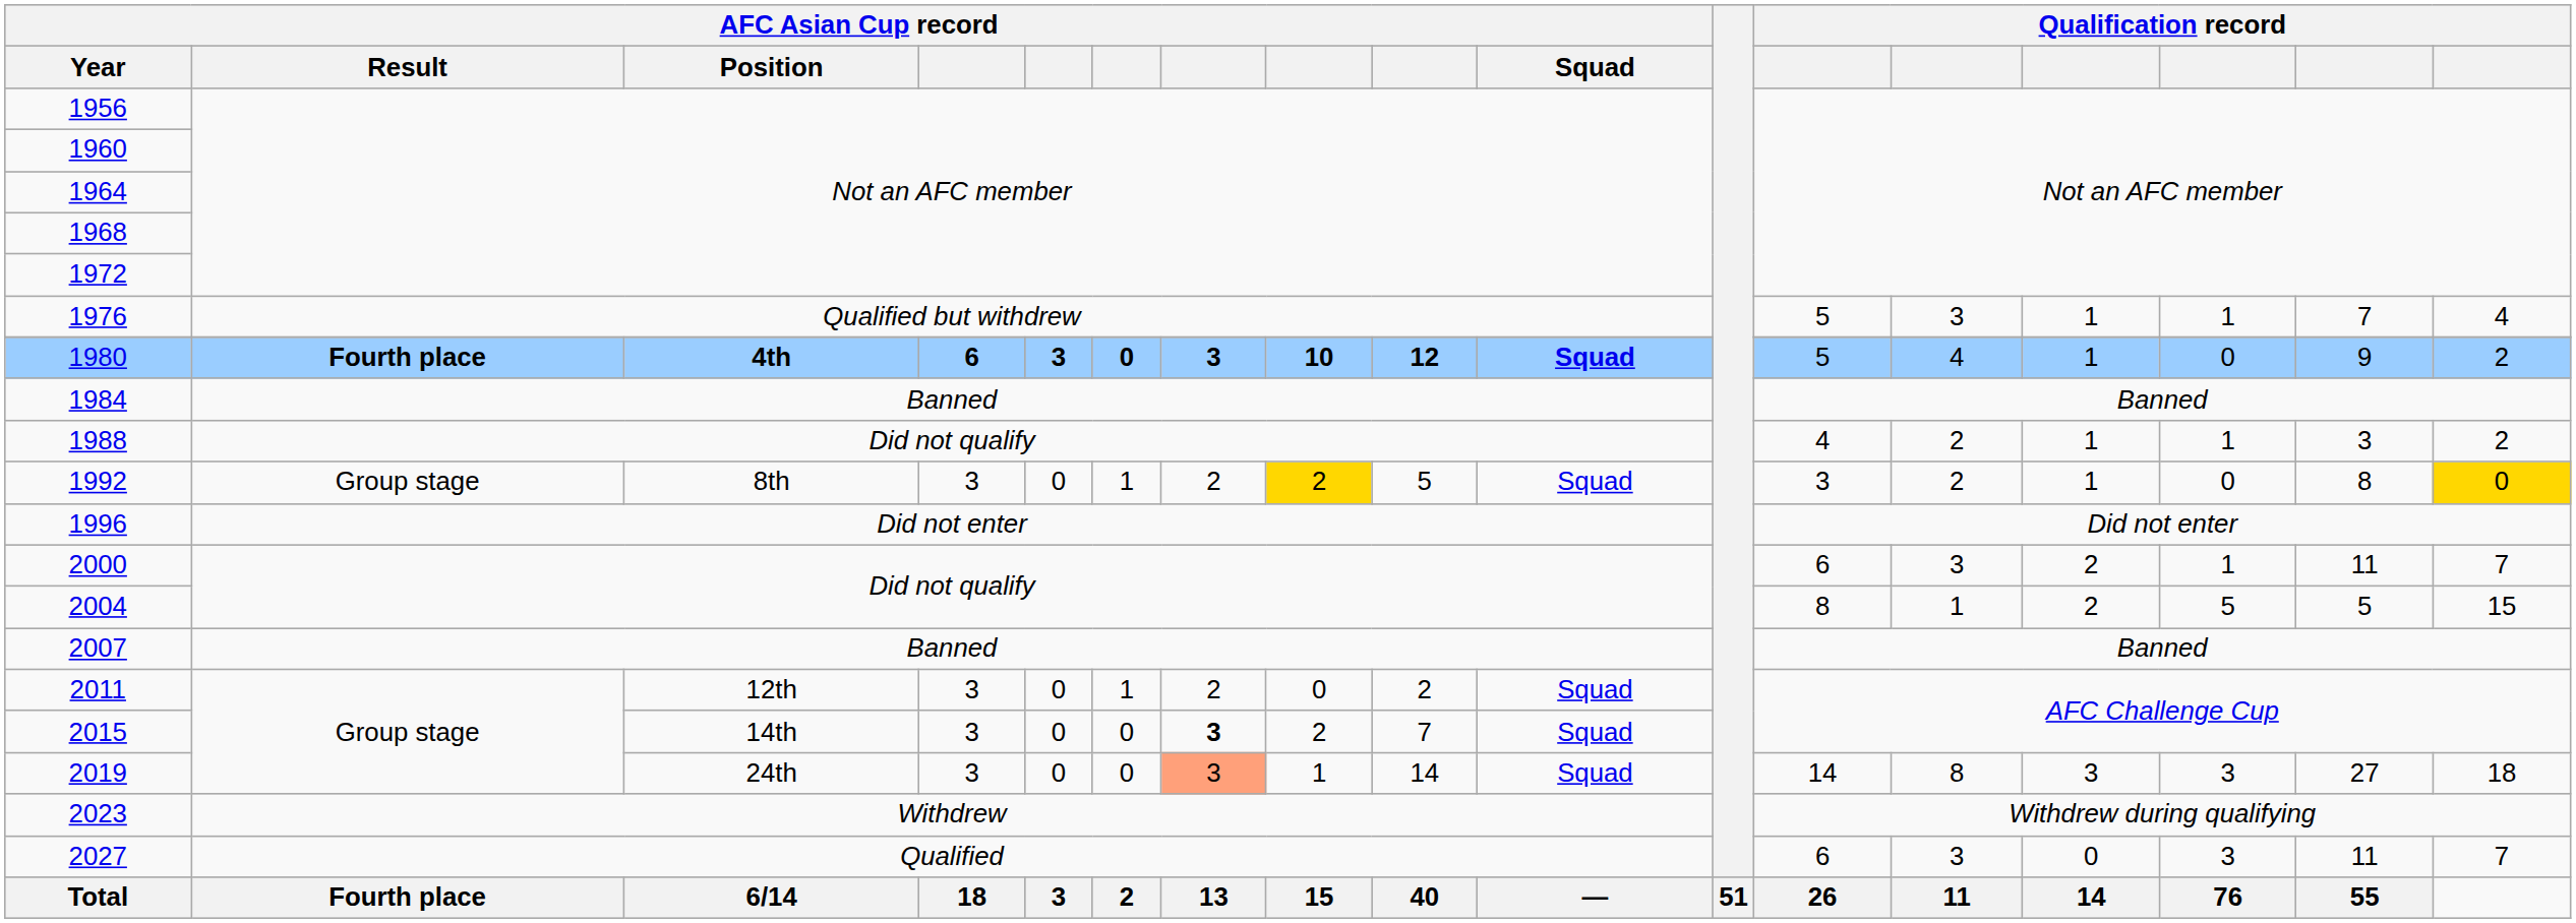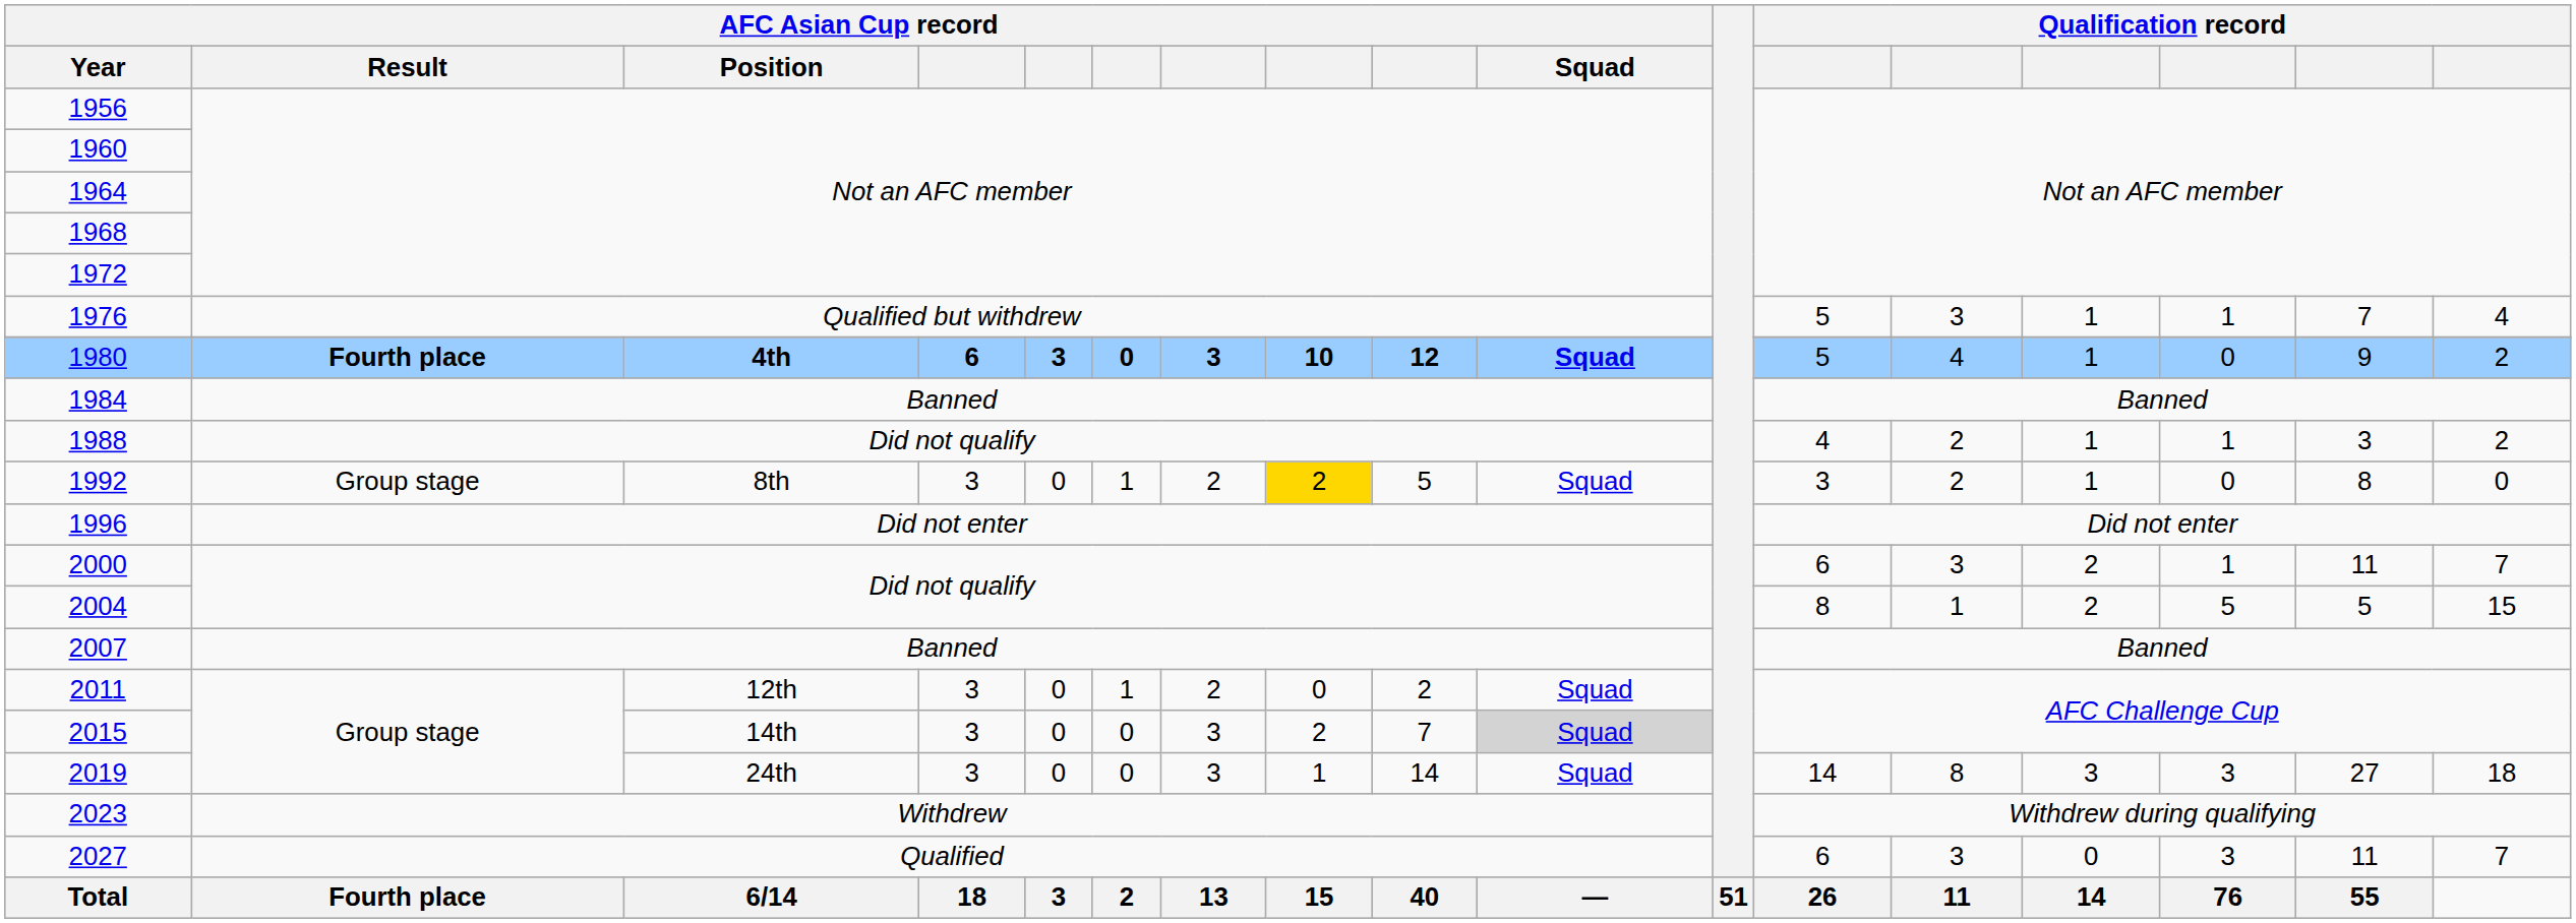 <table class="wikitable" style="text-align: center;">
 <tr>
 <th colspan=10><a href='#'>AFC Asian Cup</a> record</th>
 <th style="width:1%;" rowspan=22></th>
 <th colspan=7><a href='#'>Qualification</a> record</th>
 </tr>
 <tr>
 <th>Year</th>
 <th>Result</th>
 <th>Position</th>
 <th></th>
 <th></th>
 <th></th>
 <th></th>
 <th></th>
 <th></th>
 <th>Squad</th>
 <th></th>
 <th></th>
 <th></th>
 <th></th>
 <th></th>
 <th></th>
 </tr>
 <tr>
 <td> <a href='#'>1956</a></td>
 <td colspan=9 rowspan=5><em>Not an AFC member</em></td>
 <td colspan=6 rowspan=5><em>Not an AFC member</em></td>
 </tr>
 <tr>
 <td> <a href='#'>1960</a></td>
 </tr>
 <tr>
 <td> <a href='#'>1964</a></td>
 </tr>
 <tr>
 <td> <a href='#'>1968</a></td>
 </tr>
 <tr>
 <td> <a href='#'>1972</a></td>
 </tr>
 <tr>
 <td> <a href='#'>1976</a></td>
 <td colspan=9><em>Qualified but withdrew</em></td>
 <td>5</td>
 <td>3</td>
 <td>1</td>
 <td>1</td>
 <td>7</td>
 <td>4</td>
 </tr>
 <tr>
 </tr>
 <tr style="background:#9acdff;">
 <td> <a href='#'>1980</a></td>
 <td><strong>Fourth place</strong></td>
 <td><strong>4th</strong></td>
 <td><strong>6</strong></td>
 <td><strong>3</strong></td>
 <td><strong>0</strong></td>
 <td><strong>3</strong></td>
 <td><strong>10</strong></td>
 <td><strong>12</strong></td>
 <td><strong><a href='#'>Squad</a></strong></td>
 <td>5</td>
 <td>4</td>
 <td>1</td>
 <td>0</td>
 <td>9</td>
 <td>2</td>
 </tr>
 <tr>
 <td> <a href='#'>1984</a></td>
 <td colspan=9><em>Banned</em></td>
 <td colspan=6><em>Banned</em></td>
 </tr>
 <tr>
 <td> <a href='#'>1988</a></td>
 <td colspan=9><em>Did not qualify</em></td>
 <td>4</td>
 <td>2</td>
 <td>1</td>
 <td>1</td>
 <td>3</td>
 <td>2</td>
 </tr>
 <tr>
 <td> <a href='#'>1992</a></td>
 <td>Group stage</td>
 <td>8th</td>
 <td>3</td>
 <td>0</td>
 <td>1</td>
 <td>2</td>
 <td style="background: gold;">2</td>
 <td>5</td>
 <td><a href='#'>Squad</a></td>
 <td>3</td>
 <td>2</td>
 <td>1</td>
 <td>0</td>
 <td>8</td>
-<td style="background: gold;">0</td>
+<td>0</td>
 </tr>
 <tr>
 <td> <a href='#'>1996</a></td>
 <td colspan=9><em>Did not enter</em></td>
 <td colspan=6><em>Did not enter</em></td>
 </tr>
 <tr>
 <td> <a href='#'>2000</a></td>
 <td colspan=9 rowspan=2><em>Did not qualify</em></td>
 <td>6</td>
 <td>3</td>
 <td>2</td>
 <td>1</td>
 <td>11</td>
 <td>7</td>
 </tr>
 <tr>
 <td> <a href='#'>2004</a></td>
 <td>8</td>
 <td>1</td>
 <td>2</td>
 <td>5</td>
 <td>5</td>
 <td>15</td>
 </tr>
 <tr>
 <td>    <a href='#'>2007</a></td>
 <td colspan=9><em>Banned</em></td>
 <td colspan=6><em>Banned</em></td>
 </tr>
 <tr>
 <td> <a href='#'>2011</a></td>
 <td rowspan=3>Group stage</td>
 <td>12th</td>
 <td>3</td>
 <td>0</td>
 <td>1</td>
 <td>2</td>
 <td>0</td>
 <td>2</td>
 <td><a href='#'>Squad</a></td>
 <td colspan=6 rowspan=2><em><a href='#'>AFC Challenge Cup</a></em></td>
 </tr>
 <tr>
 <td> <a href='#'>2015</a></td>
 <td>14th</td>
 <td>3</td>
 <td>0</td>
 <td>0</td>
-<td><strong>3</strong></td>
+<td>3</td>
 <td>2</td>
 <td>7</td>
-<td><a href='#'>Squad</a></td>
+<td style="background: lightgrey;"><a href='#'>Squad</a></td>
 </tr>
 <tr>
 <td> <a href='#'>2019</a></td>
 <td>24th</td>
 <td>3</td>
 <td>0</td>
 <td>0</td>
-<td style="background: lightsalmon;">3</td>
+<td>3</td>
 <td>1</td>
 <td>14</td>
 <td><a href='#'>Squad</a></td>
 <td>14</td>
 <td>8</td>
 <td>3</td>
 <td>3</td>
 <td>27</td>
 <td>18</td>
 </tr>
 <tr>
 <td> <a href='#'>2023</a></td>
 <td colspan=9><em>Withdrew</em></td>
 <td colspan=6><em>Withdrew during qualifying</em></td>
 </tr>
 <tr>
 <td> <a href='#'>2027</a></td>
 <td colspan=9><em>Qualified</em></td>
 <td>6</td>
 <td>3</td>
 <td>0</td>
 <td>3</td>
 <td>11</td>
 <td>7</td>
 </tr>
 <tr>
 <th>Total</th>
 <th>Fourth place</th>
 <th>6/14</th>
 <th>18</th>
 <th>3</th>
 <th>2</th>
 <th>13</th>
 <th>15</th>
 <th>40</th>
 <th>—</th>
 <th>51</th>
 <th>26</th>
 <th>11</th>
 <th>14</th>
 <th>76</th>
 <th>55</th>
 </tr>
 </table>
